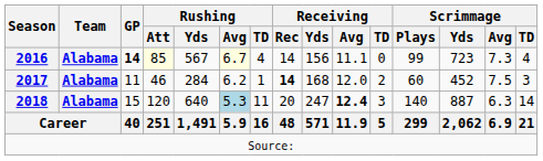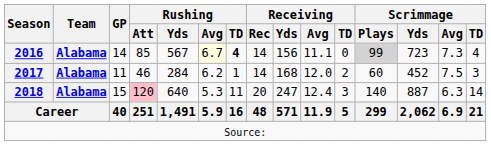 <table class="wikitable" style="text-align:center;">
 <tr>
 <th rowspan="2">Season</th>
 <th rowspan="2">Team</th>
 <th rowspan="2">GP</th>
 <th colspan="4">Rushing</th>
 <th colspan="4">Receiving</th>
 <th colspan="4">Scrimmage</th>
 </tr>
 <tr>
 <th>Att</th>
 <th>Yds</th>
 <th>Avg</th>
 <th>TD</th>
 <th>Rec</th>
 <th>Yds</th>
 <th>Avg</th>
 <th>TD</th>
 <th>Plays</th>
 <th>Yds</th>
 <th>Avg</th>
 <th>TD</th>
 </tr>
 <tr>
 <th><a href='#'>2016</a></th>
 <th><a href='#'>Alabama</a></th>
-<td><strong>14</strong></td>
-<td style="background: lightyellow;">85</td>
+<td>14</td>
+<td>85</td>
 <td>567</td>
 <td style="background: lightyellow;">6.7</td>
-<td>4</td>
+<td><strong>4</strong></td>
 <td>14</td>
 <td>156</td>
 <td>11.1</td>
 <td>0</td>
-<td>99</td>
+<td style="background: lightgrey;">99</td>
 <td>723</td>
 <td>7.3</td>
 <td>4</td>
 </tr>
 <tr>
 <th><a href='#'>2017</a></th>
 <th><a href='#'>Alabama</a></th>
 <td>11</td>
 <td>46</td>
 <td>284</td>
 <td>6.2</td>
 <td>1</td>
-<td><strong>14</strong></td>
+<td>14</td>
 <td>168</td>
 <td>12.0</td>
 <td>2</td>
 <td>60</td>
 <td>452</td>
 <td>7.5</td>
 <td>3</td>
 </tr>
 <tr>
 <th><a href='#'>2018</a></th>
 <th><a href='#'>Alabama</a></th>
 <td>15</td>
-<td>120</td>
+<td style="background: pink;">120</td>
 <td>640</td>
-<td style="background: lightblue;">5.3</td>
+<td>5.3</td>
 <td>11</td>
 <td>20</td>
 <td>247</td>
-<td><strong>12.4</strong></td>
+<td>12.4</td>
 <td>3</td>
 <td>140</td>
 <td>887</td>
 <td>6.3</td>
 <td>14</td>
 </tr>
 <tr>
 <th colspan="2">Career</th>
 <th>40</th>
 <th>251</th>
 <th>1,491</th>
 <th>5.9</th>
 <th>16</th>
 <th>48</th>
 <th>571</th>
 <th>11.9</th>
 <th>5</th>
 <th>299</th>
 <th>2,062</th>
 <th>6.9</th>
 <th>21</th>
 </tr>
 <tr>
 <td colspan="15"><small>Source: </small></td>
 </tr>
 </table>
